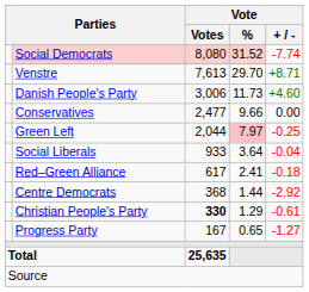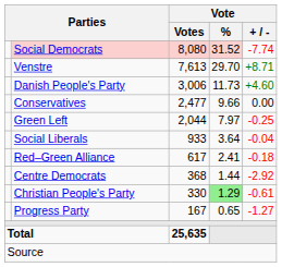 <table class="wikitable" style="text-align:right;">
 <tr>
 <th style="text-align:centre;" rowspan="2" colspan="2" width="225">Parties</th>
 <th colspan="3">Vote</th>
 </tr>
 <tr>
 <th width="15">Votes</th>
 <th width="15">%</th>
 <th width="15">+ / -</th>
 </tr>
 <tr>
 <td width="2" style="color:inherit;background:"></td>
 <td bgcolor=#fbd0ce  align="left"><a href='#'>Social Democrats</a></td>
 <td bgcolor=#fbd0ce>8,080</td>
 <td bgcolor=#fbd0ce>31.52</td>
 <td style=color:red;>-7.74</td>
 </tr>
 <tr>
 <td width="2" style="color:inherit;background:"></td>
 <td align="left"><a href='#'>Venstre</a></td>
 <td>7,613</td>
 <td>29.70</td>
 <td style=color:green;>+8.71</td>
 </tr>
 <tr>
 <td width="2" style="color:inherit;background:"></td>
 <td align="left"><a href='#'>Danish People's Party</a></td>
 <td>3,006</td>
 <td>11.73</td>
 <td style=color:green;>+4.60</td>
 </tr>
 <tr>
 <td width="2" style="color:inherit;background:"></td>
 <td align="left"><a href='#'>Conservatives</a></td>
 <td>2,477</td>
 <td>9.66</td>
 <td>0.00</td>
 </tr>
 <tr>
 <td width="2" style="color:inherit;background:"></td>
 <td align="left"><a href='#'>Green Left</a></td>
 <td>2,044</td>
-<td style="background: pink;">7.97</td>
+<td>7.97</td>
 <td style=color:red;>-0.25</td>
 </tr>
 <tr>
 <td width="2" style="color:inherit;background:"></td>
 <td align="left"><a href='#'>Social Liberals</a></td>
 <td>933</td>
 <td>3.64</td>
 <td style=color:red;>-0.04</td>
 </tr>
 <tr>
 <td width="2" style="color:inherit;background:"></td>
 <td align="left"><a href='#'>Red–Green Alliance</a></td>
 <td>617</td>
 <td>2.41</td>
 <td style=color:red;>-0.18</td>
 </tr>
 <tr>
 <td width="2" style="color:inherit;background:"></td>
 <td align="left"><a href='#'>Centre Democrats</a></td>
 <td>368</td>
 <td>1.44</td>
 <td style=color:red;>-2.92</td>
 </tr>
 <tr>
 <td width="2" style="color:inherit;background:"></td>
 <td align="left"><a href='#'>Christian People's Party</a></td>
-<td><strong>330</strong></td>
-<td>1.29</td>
+<td>330</td>
+<td style="background: lightgreen;">1.29</td>
 <td style=color:red;>-0.61</td>
 </tr>
 <tr>
 <td width="2" style="color:inherit;background:"></td>
 <td align="left"><a href='#'>Progress Party</a></td>
 <td>167</td>
 <td>0.65</td>
 <td style=color:red;>-1.27</td>
 </tr>
 <tr>
 <td colspan="7" bgcolor="#E9E9E9"></td>
 </tr>
 <tr>
 <td align="left" colspan="2"><strong>Total</strong></td>
 <td><strong>25,635</strong></td>
 <td bgcolor="#E9E9E9" colspan="2"></td>
 </tr>
 <tr>
 <td align="left" colspan="6">Source</td>
 </tr>
 </table>
